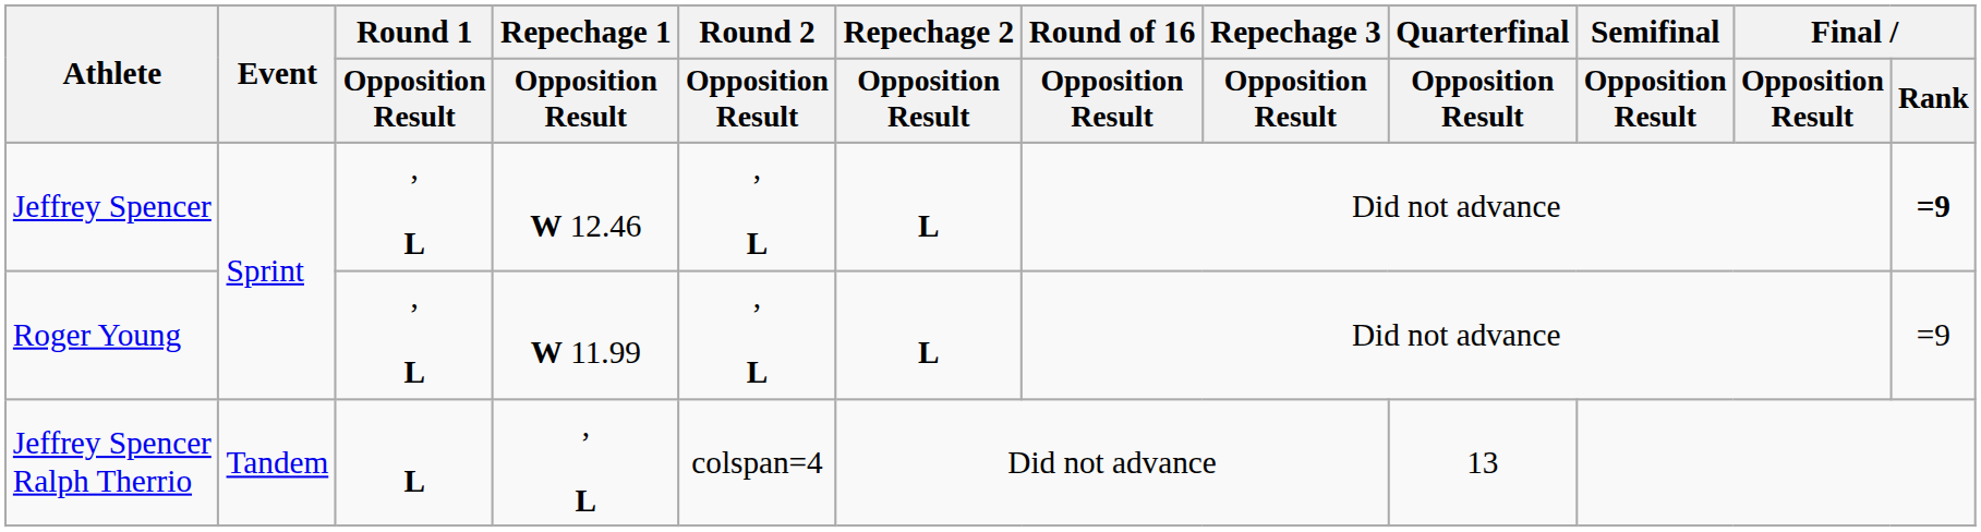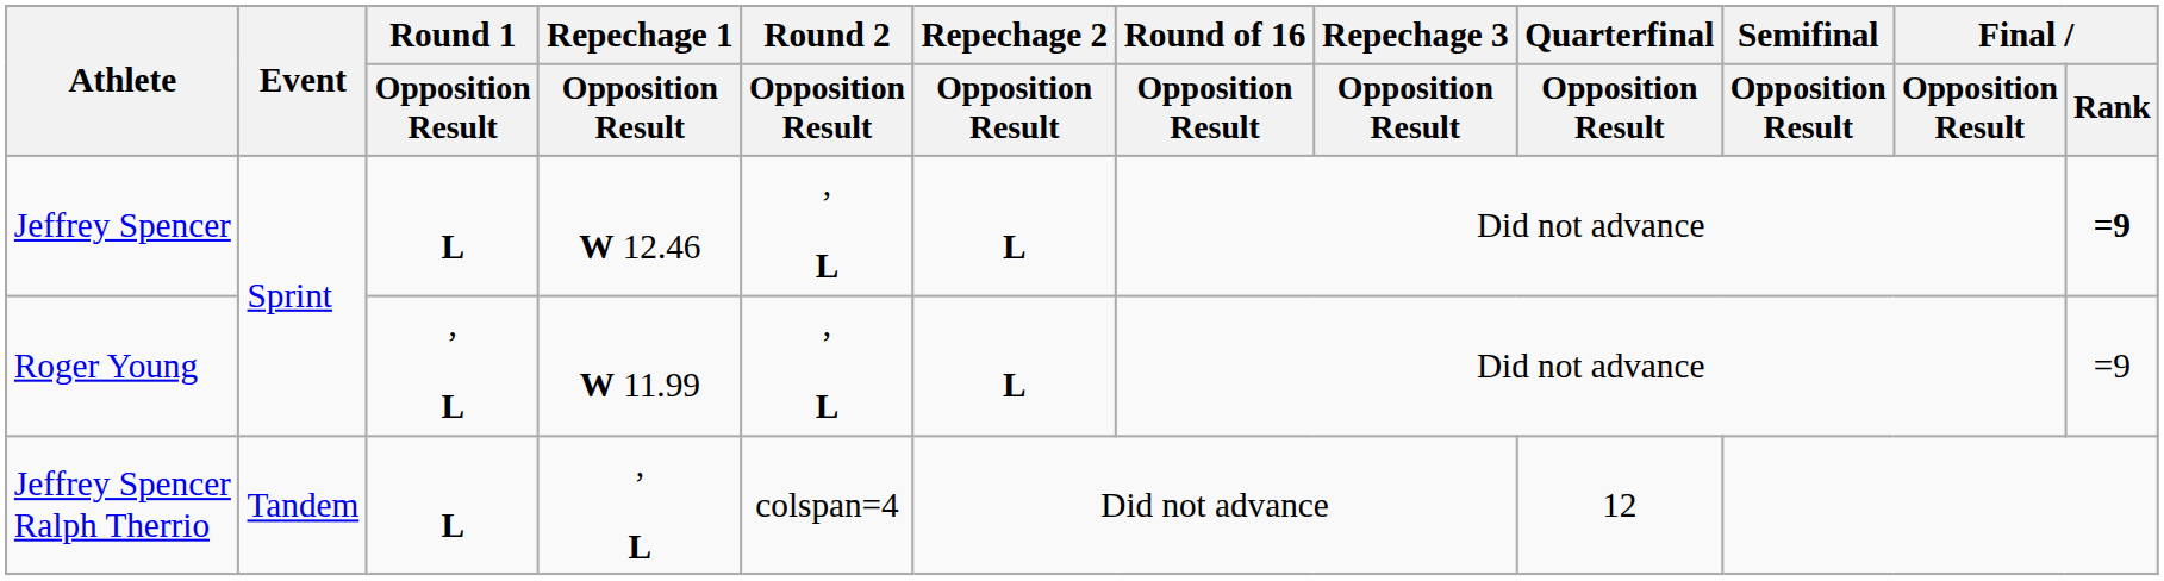 <table class=wikitable style=font-size:90%;text-align:center>
 <tr>
 <th rowspan=2>Athlete</th>
 <th rowspan=2>Event</th>
 <th>Round 1</th>
 <th>Repechage 1</th>
 <th>Round 2</th>
 <th>Repechage 2</th>
 <th>Round of 16</th>
 <th>Repechage 3</th>
 <th>Quarterfinal</th>
 <th>Semifinal</th>
 <th colspan=2>Final / </th>
 </tr>
 <tr style=font-size:95%>
 <th>Opposition<br>Result</th>
 <th>Opposition<br>Result</th>
 <th>Opposition<br>Result</th>
 <th>Opposition<br>Result</th>
 <th>Opposition<br>Result</th>
 <th>Opposition<br>Result</th>
 <th>Opposition<br>Result</th>
 <th>Opposition<br>Result</th>
 <th>Opposition<br>Result</th>
 <th>Rank</th>
 </tr>
 <tr>
 <td align=left><a href='#'>Jeffrey Spencer</a></td>
 <td align=left rowspan=2><a href='#'>Sprint</a></td>
-<td>,<br><br><strong>L</strong></td>
+<td><br><strong>L</strong></td>
 <td><br><strong>W</strong> 12.46</td>
 <td>,<br><br><strong>L</strong></td>
 <td><br><strong>L</strong></td>
 <td colspan=5>Did not advance</td>
 <td><strong>=9</strong></td>
 </tr>
 <tr>
 <td align=left><a href='#'>Roger Young</a></td>
 <td>,<br><br><strong>L</strong></td>
 <td><br><strong>W</strong> 11.99</td>
 <td>,<br><br><strong>L</strong></td>
 <td><br><strong>L</strong></td>
 <td colspan=5>Did not advance</td>
 <td>=9</td>
 </tr>
 <tr>
 <td align=left><a href='#'>Jeffrey Spencer</a><br><a href='#'>Ralph Therrio</a></td>
 <td align=left><a href='#'>Tandem</a></td>
 <td><br><strong>L</strong></td>
 <td>,<br><br><strong>L</strong></td>
 <td>colspan=4 </td>
 <td colspan=3>Did not advance</td>
-<td>13</td>
+<td>12</td>
 </tr>
 </table>
